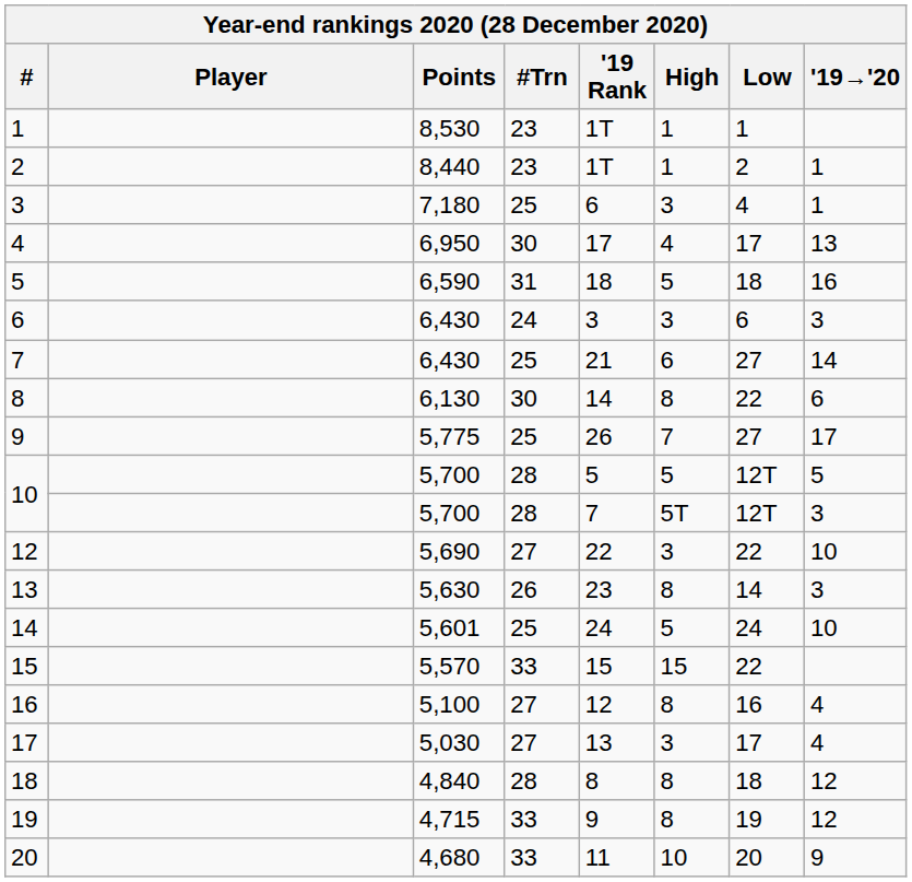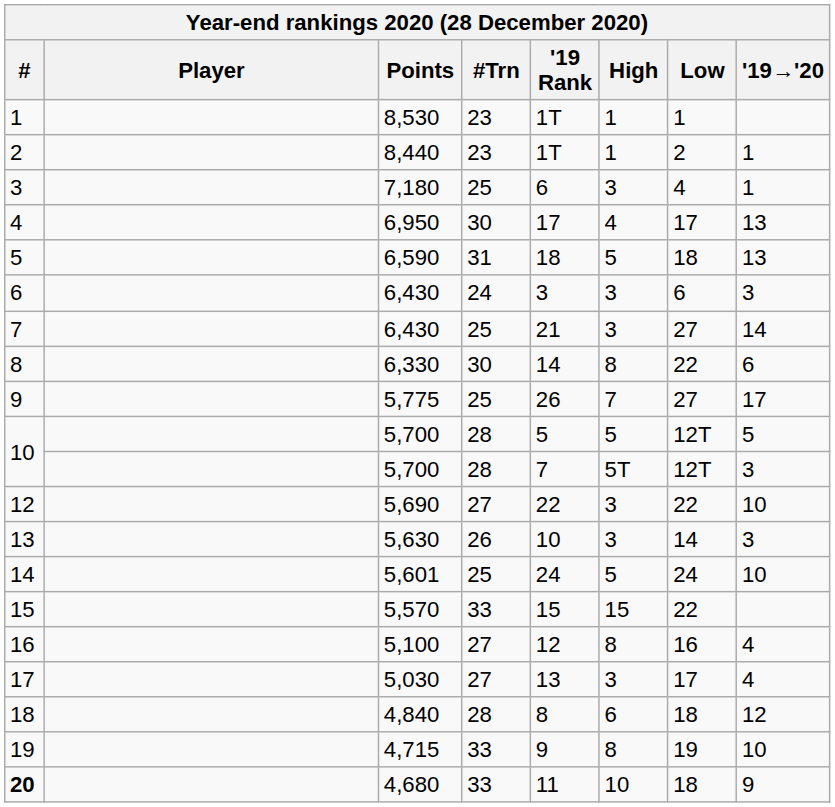 <table class="wikitable" style="font-size:95%">
 <tr>
 <th colspan=8>Year-end rankings 2020 (28 December 2020)</th>
 </tr>
 <tr>
 <th width=20>#</th>
 <th width=222>Player</th>
 <th width=50>Points</th>
 <th width=40>#Trn</th>
 <th width=40>'19 Rank</th>
 <th width=40>High</th>
 <th width=40>Low</th>
 <th width=50>'19→'20</th>
 </tr>
 <tr>
 <td>1</td>
 <td align=left></td>
 <td>8,530</td>
 <td>23</td>
 <td>1T</td>
 <td>1</td>
 <td>1</td>
 <td></td>
 </tr>
 <tr>
 <td>2</td>
 <td align=left></td>
 <td>8,440</td>
 <td>23</td>
 <td>1T</td>
 <td>1</td>
 <td>2</td>
 <td>1</td>
 </tr>
 <tr>
 <td>3</td>
 <td align=left></td>
 <td>7,180</td>
 <td>25</td>
 <td>6</td>
 <td>3</td>
 <td>4</td>
 <td>1</td>
 </tr>
 <tr>
 <td>4</td>
 <td align=left></td>
 <td>6,950</td>
 <td>30</td>
 <td>17</td>
 <td>4</td>
 <td>17</td>
 <td>13</td>
 </tr>
 <tr>
 <td>5</td>
 <td align=left></td>
 <td>6,590</td>
 <td>31</td>
 <td>18</td>
 <td>5</td>
 <td>18</td>
-<td>16</td>
+<td>13</td>
 </tr>
 <tr>
 <td>6</td>
 <td align=left></td>
 <td>6,430</td>
 <td>24</td>
 <td>3</td>
 <td>3</td>
 <td>6</td>
 <td>3</td>
 </tr>
 <tr>
 <td>7</td>
 <td align=left></td>
 <td>6,430</td>
 <td>25</td>
 <td>21</td>
-<td>6</td>
+<td>3</td>
 <td>27</td>
 <td>14</td>
 </tr>
 <tr>
 <td>8</td>
 <td align=left></td>
-<td>6,130</td>
+<td>6,330</td>
 <td>30</td>
 <td>14</td>
 <td>8</td>
 <td>22</td>
 <td>6</td>
 </tr>
 <tr>
 <td>9</td>
 <td align=left></td>
 <td>5,775</td>
 <td>25</td>
 <td>26</td>
 <td>7</td>
 <td>27</td>
 <td>17</td>
 </tr>
 <tr>
 <td rowspan="2">10</td>
 <td align=left></td>
 <td>5,700</td>
 <td>28</td>
 <td>5</td>
 <td>5</td>
 <td>12T</td>
 <td>5</td>
 </tr>
 <tr>
 <td align=left></td>
 <td>5,700</td>
 <td>28</td>
 <td>7</td>
 <td>5T</td>
 <td>12T</td>
 <td>3</td>
 </tr>
 <tr>
 <td>12</td>
 <td align=left></td>
 <td>5,690</td>
 <td>27</td>
 <td>22</td>
 <td>3</td>
 <td>22</td>
 <td>10</td>
 </tr>
 <tr>
 <td>13</td>
 <td align=left></td>
 <td>5,630</td>
 <td>26</td>
-<td>23</td>
-<td>8</td>
+<td>10</td>
+<td>3</td>
 <td>14</td>
 <td>3</td>
 </tr>
 <tr>
 <td>14</td>
 <td align=left></td>
 <td>5,601</td>
 <td>25</td>
 <td>24</td>
 <td>5</td>
 <td>24</td>
 <td>10</td>
 </tr>
 <tr>
 <td>15</td>
 <td align=left></td>
 <td>5,570</td>
 <td>33</td>
 <td>15</td>
 <td>15</td>
 <td>22</td>
 <td></td>
 </tr>
 <tr>
 <td>16</td>
 <td align=left></td>
 <td>5,100</td>
 <td>27</td>
 <td>12</td>
 <td>8</td>
 <td>16</td>
 <td>4</td>
 </tr>
 <tr>
 <td>17</td>
 <td align=left></td>
 <td>5,030</td>
 <td>27</td>
 <td>13</td>
 <td>3</td>
 <td>17</td>
 <td>4</td>
 </tr>
 <tr>
 <td>18</td>
 <td align=left></td>
 <td>4,840</td>
 <td>28</td>
 <td>8</td>
-<td>8</td>
+<td>6</td>
 <td>18</td>
 <td>12</td>
 </tr>
 <tr>
 <td>19</td>
 <td align=left></td>
 <td>4,715</td>
 <td>33</td>
 <td>9</td>
 <td>8</td>
 <td>19</td>
-<td>12</td>
+<td>10</td>
 </tr>
 <tr>
-<td>20</td>
+<td><strong>20</strong></td>
 <td align=left></td>
 <td>4,680</td>
 <td>33</td>
 <td>11</td>
 <td>10</td>
-<td>20</td>
+<td>18</td>
 <td>9</td>
 </tr>
 </table>
